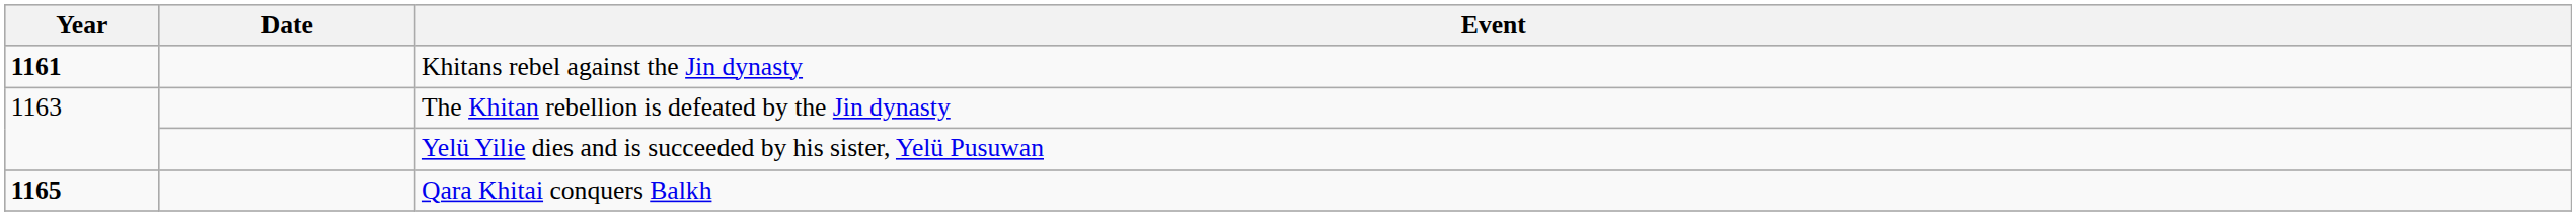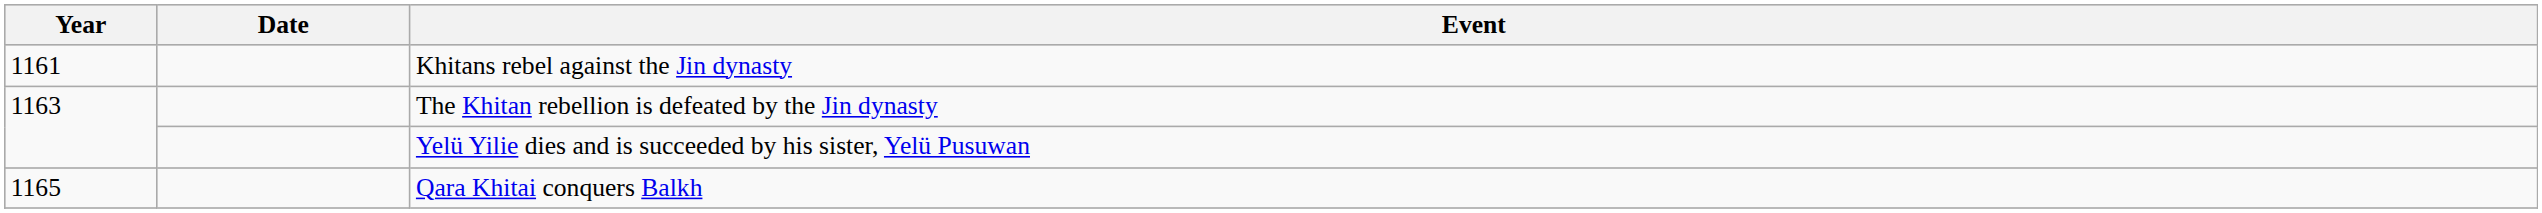 <table class="wikitable" width="100%">
 <tr>
 <th style="width:6%">Year</th>
 <th style="width:10%">Date</th>
 <th>Event</th>
 </tr>
 <tr>
-<td><strong>1161</strong></td>
+<td>1161</td>
 <td></td>
 <td>Khitans rebel against the <a href='#'>Jin dynasty</a></td>
 </tr>
 <tr>
 <td rowspan="2" valign="top">1163</td>
 <td></td>
 <td>The <a href='#'>Khitan</a> rebellion is defeated by the <a href='#'>Jin dynasty</a></td>
 </tr>
 <tr>
 <td></td>
 <td><a href='#'>Yelü Yilie</a> dies and is succeeded by his sister, <a href='#'>Yelü Pusuwan</a></td>
 </tr>
 <tr>
-<td><strong>1165</strong></td>
+<td>1165</td>
 <td></td>
 <td><a href='#'>Qara Khitai</a> conquers <a href='#'>Balkh</a></td>
 </tr>
 </table>
